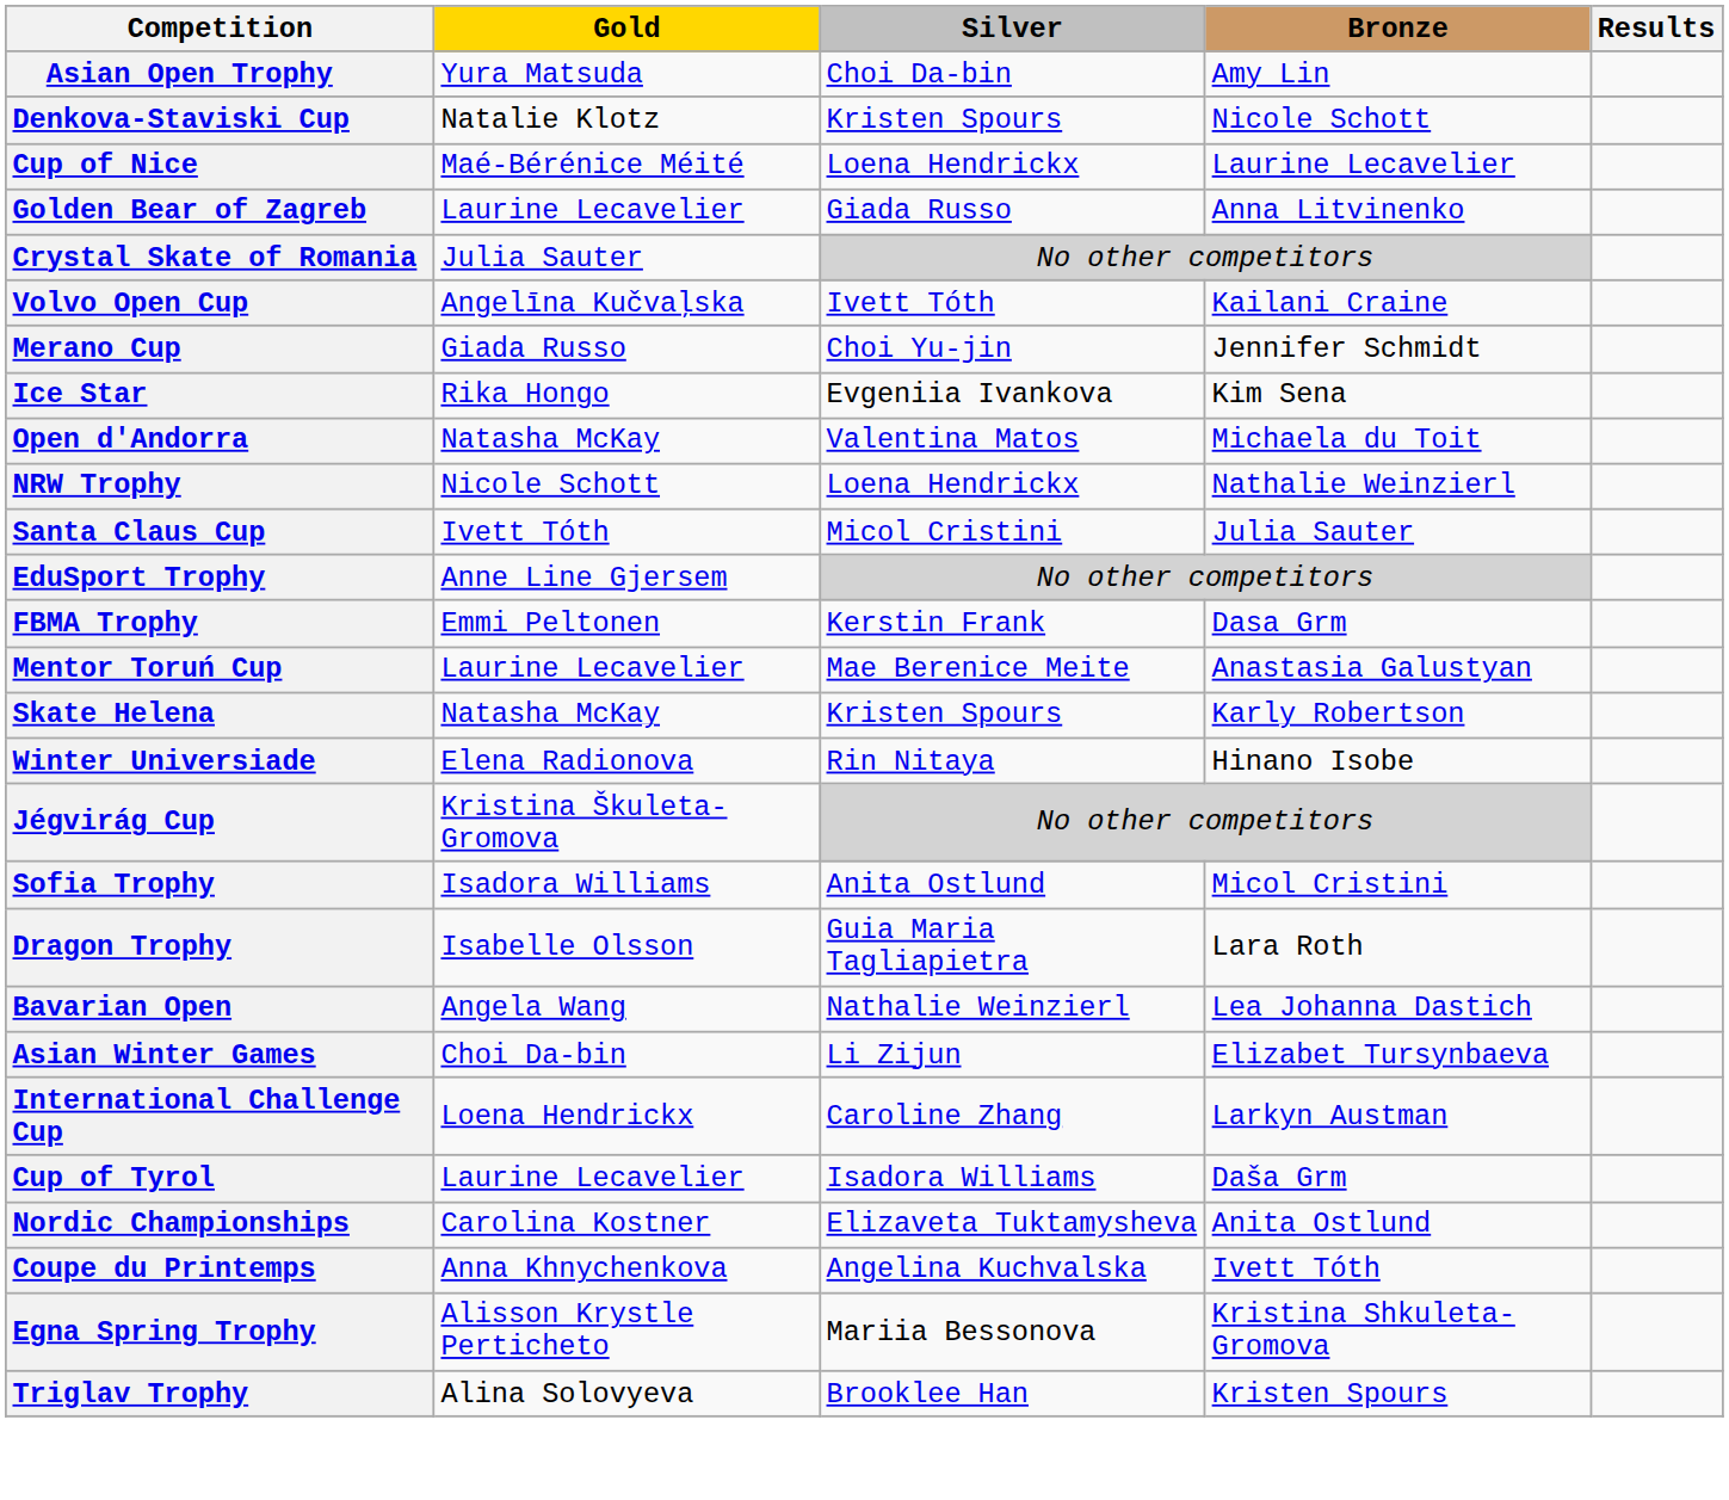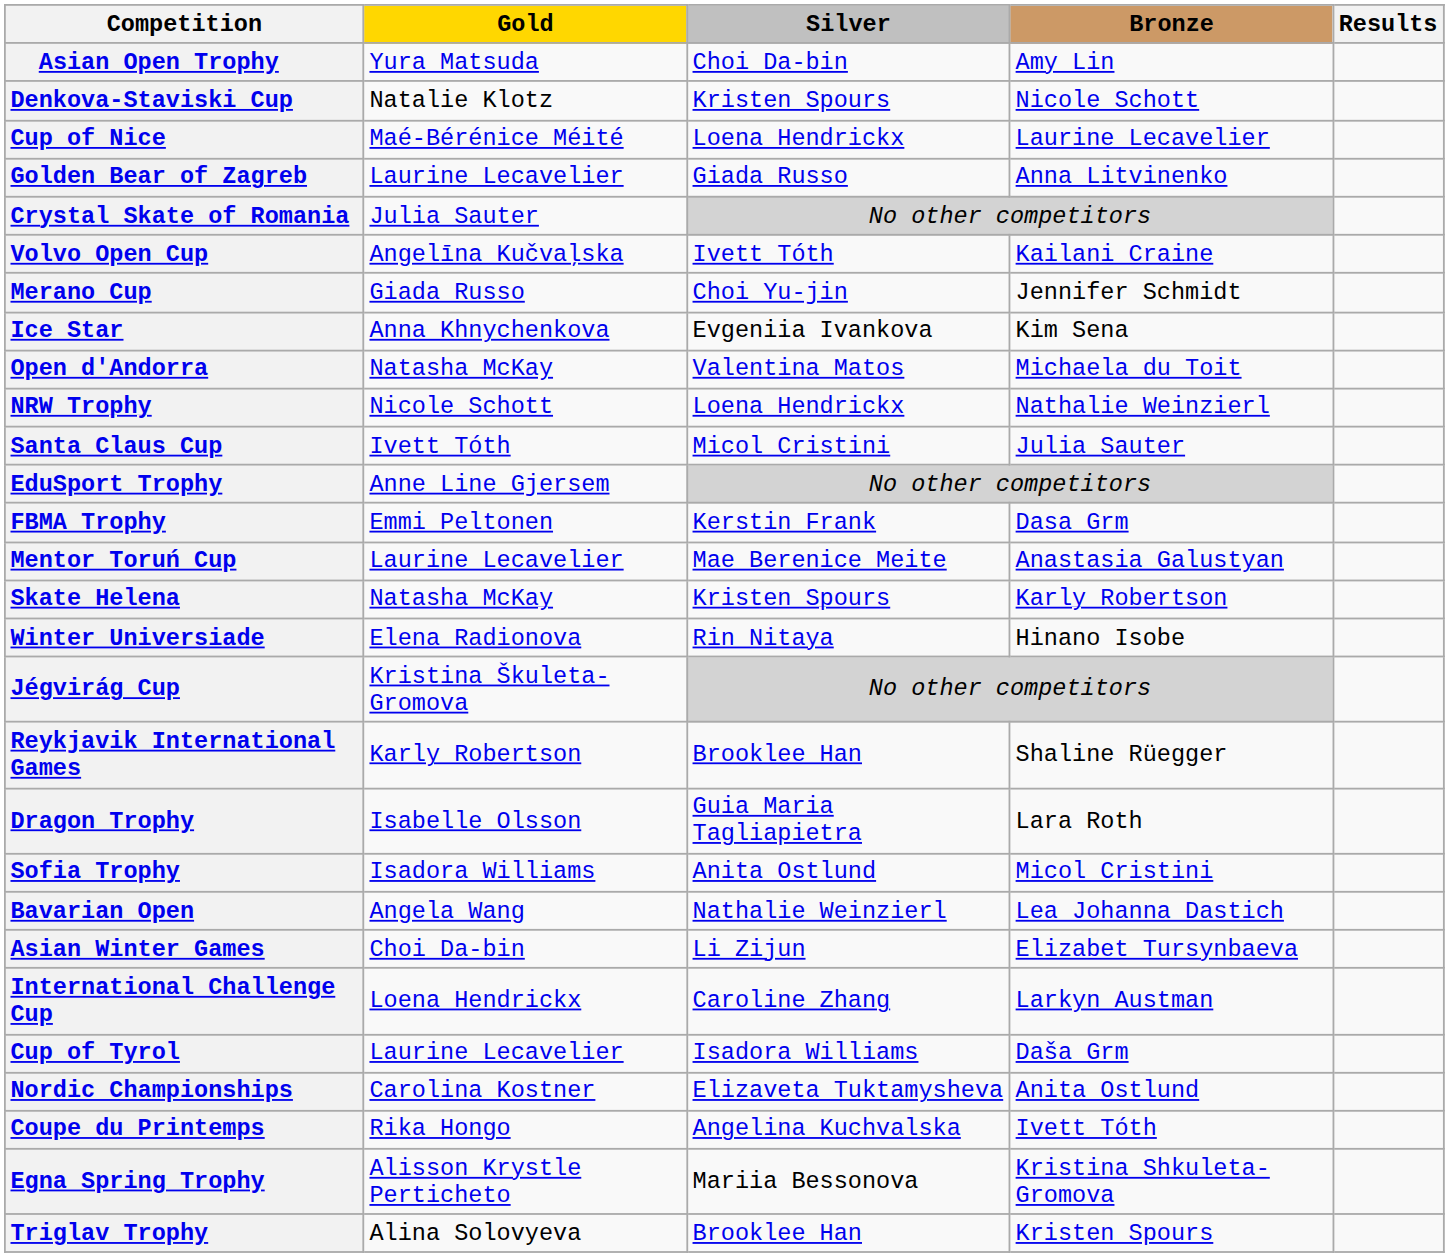 <table class="wikitable unsortable" style="text-align:left; width:90%;">
 <tr>
 <th scope="col" style="text-align:center; width:25%;">Competition</th>
 <td scope="col" style="text-align:center; width:22.5%; background:gold"><strong>Gold</strong></td>
 <td scope="col" style="text-align:center; width:22.5%; background:silver"><strong>Silver</strong></td>
 <td scope="col" style="text-align:center; width:22.5%; background:#c96"><strong>Bronze</strong></td>
 <th scope="col" style="text-align:center; width:7.5%;">Results</th>
 </tr>
 <tr>
 <th scope="row" style="text-align:left">  <a href='#'>Asian Open Trophy</a></th>
 <td> <a href='#'>Yura Matsuda</a></td>
 <td> <a href='#'>Choi Da-bin</a></td>
 <td> <a href='#'>Amy Lin</a></td>
 <td></td>
 </tr>
 <tr>
 <th scope="row" style="text-align:left"> <a href='#'>Denkova-Staviski Cup</a></th>
 <td> Natalie Klotz</td>
 <td> <a href='#'>Kristen Spours</a></td>
 <td> <a href='#'>Nicole Schott</a></td>
 <td></td>
 </tr>
 <tr>
 <th scope="row" style="text-align:left"> <a href='#'>Cup of Nice</a></th>
 <td> <a href='#'>Maé-Bérénice Méité</a></td>
 <td> <a href='#'>Loena Hendrickx</a></td>
 <td> <a href='#'>Laurine Lecavelier</a></td>
 <td></td>
 </tr>
 <tr>
 <th scope="row" style="text-align:left"> <a href='#'>Golden Bear of Zagreb</a></th>
 <td> <a href='#'>Laurine Lecavelier</a></td>
 <td> <a href='#'>Giada Russo</a></td>
 <td> <a href='#'>Anna Litvinenko</a></td>
 <td></td>
 </tr>
 <tr>
 <th scope="row" style="text-align:left"> <a href='#'>Crystal Skate of Romania</a></th>
 <td> <a href='#'>Julia Sauter</a></td>
 <td colspan="2" align=center bgcolor="lightgray"><em>No other competitors</em></td>
 <td></td>
 </tr>
 <tr>
 <th scope="row" style="text-align:left"> <a href='#'>Volvo Open Cup</a></th>
 <td> <a href='#'>Angelīna Kučvaļska</a></td>
 <td> <a href='#'>Ivett Tóth</a></td>
 <td> <a href='#'>Kailani Craine</a></td>
 <td></td>
 </tr>
 <tr>
 <th scope="row" style="text-align:left"> <a href='#'>Merano Cup</a></th>
 <td> <a href='#'>Giada Russo</a></td>
 <td> <a href='#'>Choi Yu-jin</a></td>
 <td> Jennifer Schmidt</td>
 <td></td>
 </tr>
 <tr>
 <th scope="row" style="text-align:left"> <a href='#'>Ice Star</a></th>
-<td> <a href='#'>Rika Hongo</a></td>
+<td> <a href='#'>Anna Khnychenkova</a></td>
 <td> Evgeniia Ivankova</td>
 <td> Kim Sena</td>
 <td></td>
 </tr>
 <tr>
 <th scope="row" style="text-align:left"> <a href='#'>Open d'Andorra</a></th>
 <td> <a href='#'>Natasha McKay</a></td>
 <td> <a href='#'>Valentina Matos</a></td>
 <td> <a href='#'>Michaela du Toit</a></td>
 <td></td>
 </tr>
 <tr>
 <th scope="row" style="text-align:left"> <a href='#'>NRW Trophy</a></th>
 <td> <a href='#'>Nicole Schott</a></td>
 <td> <a href='#'>Loena Hendrickx</a></td>
 <td> <a href='#'>Nathalie Weinzierl</a></td>
 <td></td>
 </tr>
 <tr>
 <th scope="row" style="text-align:left"> <a href='#'>Santa Claus Cup</a></th>
 <td> <a href='#'>Ivett Tóth</a></td>
 <td> <a href='#'>Micol Cristini</a></td>
 <td> <a href='#'>Julia Sauter</a></td>
 <td></td>
 </tr>
 <tr>
 <th scope="row" style="text-align:left"> <a href='#'>EduSport Trophy</a></th>
 <td> <a href='#'>Anne Line Gjersem</a></td>
 <td colspan="2" align=center bgcolor="lightgray"><em>No other competitors</em></td>
 <td></td>
 </tr>
 <tr>
 <th scope="row" style="text-align:left"> <a href='#'>FBMA Trophy</a></th>
 <td> <a href='#'>Emmi Peltonen</a></td>
 <td> <a href='#'>Kerstin Frank</a></td>
 <td> <a href='#'>Dasa Grm</a></td>
 <td></td>
 </tr>
 <tr>
 <th scope="row" style="text-align:left"> <a href='#'>Mentor Toruń Cup</a></th>
 <td> <a href='#'>Laurine Lecavelier</a></td>
 <td> <a href='#'>Mae Berenice Meite</a></td>
 <td> <a href='#'>Anastasia Galustyan</a></td>
 <td></td>
 </tr>
 <tr>
 <th scope="row" style="text-align:left"> <a href='#'>Skate Helena</a></th>
 <td> <a href='#'>Natasha McKay</a></td>
 <td> <a href='#'>Kristen Spours</a></td>
 <td> <a href='#'>Karly Robertson</a></td>
 <td></td>
 </tr>
 <tr>
 <th scope="row" style="text-align:left"> <a href='#'>Winter Universiade</a></th>
 <td> <a href='#'>Elena Radionova</a></td>
 <td> <a href='#'>Rin Nitaya</a></td>
 <td> Hinano Isobe</td>
 <td></td>
 </tr>
 <tr>
 <th scope="row" style="text-align:left"> <a href='#'>Jégvirág Cup</a></th>
 <td> <a href='#'>Kristina Škuleta-Gromova</a></td>
 <td colspan="2" align=center bgcolor="lightgray"><em>No other competitors</em></td>
 <td></td>
 </tr>
 <tr>
-<th scope="row" style="text-align:left"> <a href='#'>Sofia Trophy</a></th>
-<td> <a href='#'>Isadora Williams</a></td>
-<td> <a href='#'>Anita Ostlund</a></td>
-<td> <a href='#'>Micol Cristini</a></td>
+<th scope="row" style="text-align:left"> <a href='#'>Reykjavik International Games</a></th>
+<td> <a href='#'>Karly Robertson</a></td>
+<td> <a href='#'>Brooklee Han</a></td>
+<td> Shaline Rüegger</td>
 <td></td>
 </tr>
 <tr>
 <th scope="row" style="text-align:left"> <a href='#'>Dragon Trophy</a></th>
 <td> <a href='#'>Isabelle Olsson</a></td>
 <td> <a href='#'>Guia Maria Tagliapietra</a></td>
 <td> Lara Roth</td>
+<td></td>
+</tr>
+<tr>
+<th scope="row" style="text-align:left"> <a href='#'>Sofia Trophy</a></th>
+<td> <a href='#'>Isadora Williams</a></td>
+<td> <a href='#'>Anita Ostlund</a></td>
+<td> <a href='#'>Micol Cristini</a></td>
 <td></td>
 </tr>
 <tr>
 <th scope="row" style="text-align:left"> <a href='#'>Bavarian Open</a></th>
 <td> <a href='#'>Angela Wang</a></td>
 <td> <a href='#'>Nathalie Weinzierl</a></td>
 <td> <a href='#'>Lea Johanna Dastich</a></td>
 <td></td>
 </tr>
 <tr>
 <th scope="row" style="text-align:left"> <a href='#'>Asian Winter Games</a></th>
 <td> <a href='#'>Choi Da-bin</a></td>
 <td> <a href='#'>Li Zijun</a></td>
 <td> <a href='#'>Elizabet Tursynbaeva</a></td>
 <td></td>
 </tr>
 <tr>
 <th scope="row" style="text-align:left"> <a href='#'>International Challenge Cup</a></th>
 <td> <a href='#'>Loena Hendrickx</a></td>
 <td> <a href='#'>Caroline Zhang</a></td>
 <td> <a href='#'>Larkyn Austman</a></td>
 <td></td>
 </tr>
 <tr>
 <th scope="row" style="text-align:left"> <a href='#'>Cup of Tyrol</a></th>
 <td> <a href='#'>Laurine Lecavelier</a></td>
 <td> <a href='#'>Isadora Williams</a></td>
 <td> <a href='#'>Daša Grm</a></td>
 <td></td>
 </tr>
 <tr>
 <th scope="row" style="text-align:left"> <a href='#'>Nordic Championships</a></th>
 <td> <a href='#'>Carolina Kostner</a></td>
 <td> <a href='#'>Elizaveta Tuktamysheva</a></td>
 <td> <a href='#'>Anita Ostlund</a></td>
 <td></td>
 </tr>
 <tr>
 <th scope="row" style="text-align:left"> <a href='#'>Coupe du Printemps</a></th>
-<td> <a href='#'>Anna Khnychenkova</a></td>
+<td> <a href='#'>Rika Hongo</a></td>
 <td> <a href='#'>Angelina Kuchvalska</a></td>
 <td> <a href='#'>Ivett Tóth</a></td>
 <td></td>
 </tr>
 <tr>
 <th scope="row" style="text-align:left"> <a href='#'>Egna Spring Trophy</a></th>
 <td> <a href='#'>Alisson Krystle Perticheto</a></td>
 <td> Mariia Bessonova</td>
 <td> <a href='#'>Kristina Shkuleta-Gromova</a></td>
 <td></td>
 </tr>
 <tr>
 <th scope="row" style="text-align:left"> <a href='#'>Triglav Trophy</a></th>
 <td> Alina Solovyeva</td>
 <td> <a href='#'>Brooklee Han</a></td>
 <td> <a href='#'>Kristen Spours</a></td>
 <td></td>
 </tr>
 </table>
